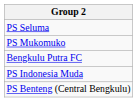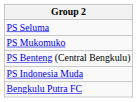 <table class="wikitable">
 <tr>
 <th><strong>Group 2</strong></th>
 </tr>
 <tr>
 <td><a href='#'>PS Seluma</a></td>
 </tr>
 <tr>
 <td><a href='#'>PS Mukomuko</a></td>
 </tr>
 <tr>
-<td><a href='#'>Bengkulu Putra FC</a></td>
+<td><a href='#'>PS Benteng</a> (Central Bengkulu)</td>
 </tr>
 <tr>
 <td><a href='#'>PS Indonesia Muda</a></td>
 </tr>
 <tr>
-<td><a href='#'>PS Benteng</a> (Central Bengkulu)</td>
+<td><a href='#'>Bengkulu Putra FC</a></td>
 </tr>
 </table>
